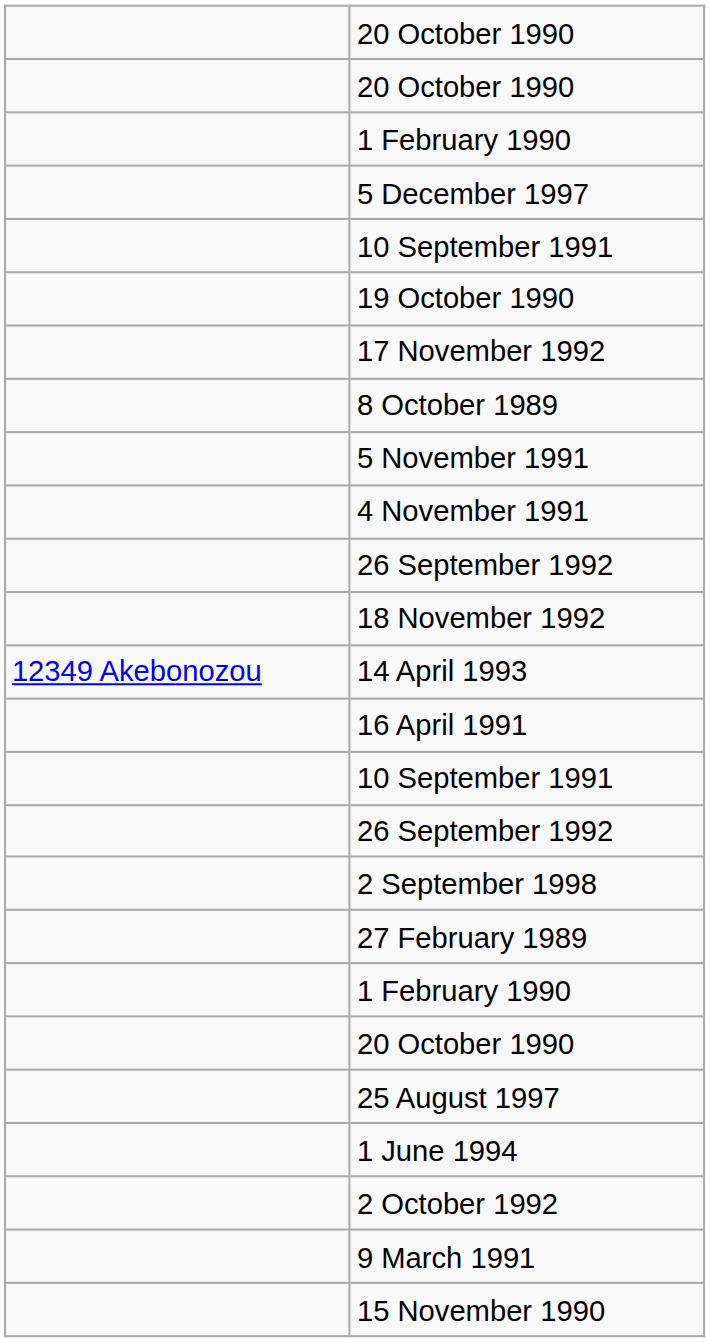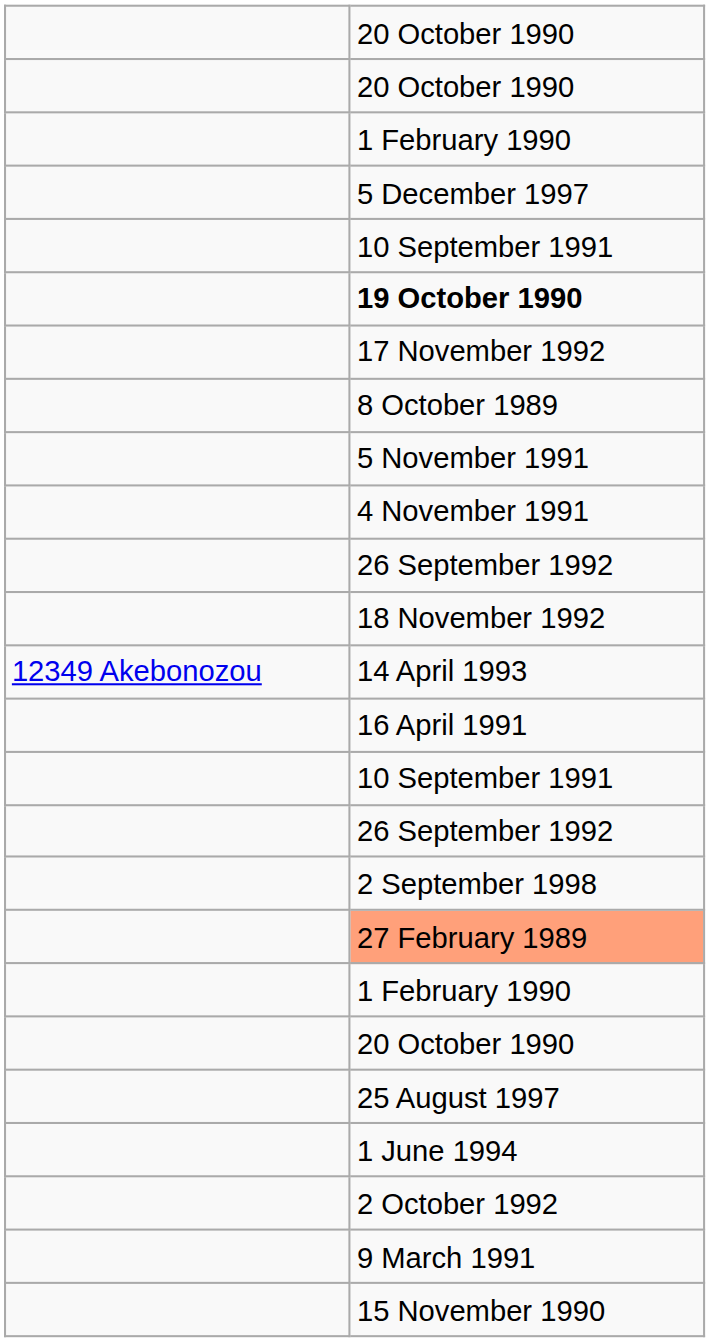 <table class="wikitable" style="font-size: 89%; float: left; width: 24em; margin-right: 1em;height: 650px;">
 <tr>
 <td></td>
 <td>20 October 1990</td>
 </tr>
 <tr>
 <td></td>
 <td>20 October 1990</td>
 </tr>
 <tr>
 <td></td>
 <td>1 February 1990</td>
 </tr>
 <tr>
 <td></td>
 <td>5 December 1997</td>
 </tr>
 <tr>
 <td></td>
 <td>10 September 1991</td>
 </tr>
 <tr>
 <td></td>
-<td>19 October 1990</td>
+<td><strong>19 October 1990</strong></td>
 </tr>
 <tr>
 <td></td>
 <td>17 November 1992</td>
 </tr>
 <tr>
 <td></td>
 <td>8 October 1989</td>
 </tr>
 <tr>
 <td></td>
 <td>5 November 1991</td>
 </tr>
 <tr>
 <td></td>
 <td>4 November 1991</td>
 </tr>
 <tr>
 <td></td>
 <td>26 September 1992</td>
 </tr>
 <tr>
 <td></td>
 <td>18 November 1992</td>
 </tr>
 <tr>
 <td><a href='#'>12349 Akebonozou</a></td>
 <td>14 April 1993</td>
 </tr>
 <tr>
 <td></td>
 <td>16 April 1991</td>
 </tr>
 <tr>
 <td></td>
 <td>10 September 1991</td>
 </tr>
 <tr>
 <td></td>
 <td>26 September 1992</td>
 </tr>
 <tr>
 <td></td>
 <td>2 September 1998</td>
 </tr>
 <tr>
 <td></td>
-<td>27 February 1989</td>
+<td style="background: lightsalmon;">27 February 1989</td>
 </tr>
 <tr>
 <td></td>
 <td>1 February 1990</td>
 </tr>
 <tr>
 <td></td>
 <td>20 October 1990</td>
 </tr>
 <tr>
 <td></td>
 <td>25 August 1997</td>
 </tr>
 <tr>
 <td></td>
 <td>1 June 1994</td>
 </tr>
 <tr>
 <td></td>
 <td>2 October 1992</td>
 </tr>
 <tr>
 <td></td>
 <td>9 March 1991</td>
 </tr>
 <tr>
 <td></td>
 <td>15 November 1990</td>
 </tr>
 </table>
